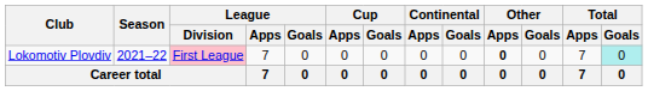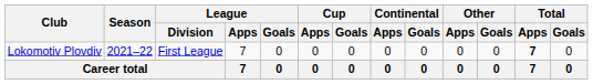 <table class="wikitable" style="text-align: center">
 <tr>
 <th rowspan="2">Club</th>
 <th rowspan="2">Season</th>
 <th colspan="3">League</th>
 <th colspan="2">Cup</th>
 <th colspan="2">Continental</th>
 <th colspan="2">Other</th>
 <th colspan="2">Total</th>
 </tr>
 <tr>
 <th>Division</th>
 <th>Apps</th>
 <th>Goals</th>
 <th>Apps</th>
 <th>Goals</th>
 <th>Apps</th>
 <th>Goals</th>
 <th>Apps</th>
 <th>Goals</th>
 <th>Apps</th>
 <th>Goals</th>
 </tr>
 <tr>
 <td><a href='#'>Lokomotiv Plovdiv</a></td>
 <td><a href='#'>2021–22</a></td>
-<td style="background: pink;"><a href='#'>First League</a></td>
+<td><a href='#'>First League</a></td>
 <td>7</td>
 <td>0</td>
 <td>0</td>
 <td>0</td>
 <td>0</td>
 <td>0</td>
-<td><strong>0</strong></td>
 <td>0</td>
-<td>7</td>
-<td style="background: paleturquoise;">0</td>
+<td>0</td>
+<td><strong>7</strong></td>
+<td>0</td>
 </tr>
 <tr>
 <th colspan="3"><strong>Career total</strong></th>
 <th>7</th>
 <th>0</th>
 <th>0</th>
 <th>0</th>
 <th>0</th>
 <th>0</th>
 <th>0</th>
 <th>0</th>
 <th>7</th>
 <th>0</th>
 </tr>
 </table>
